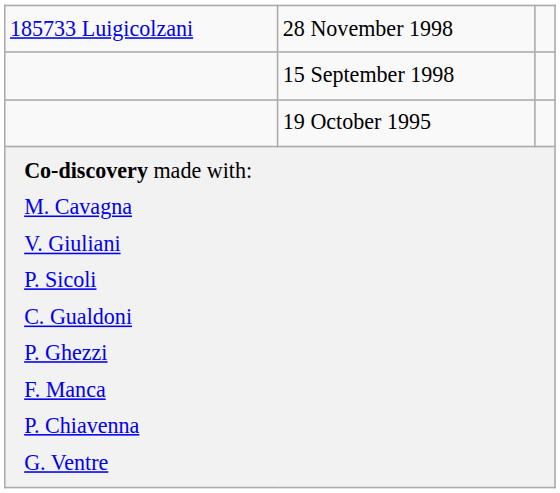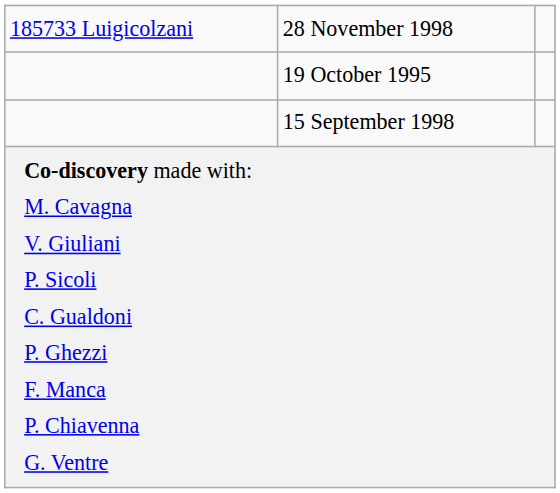 <table class="wikitable" style="font-size: 89%; float: left; width: 25em; margin-right: 1em; line-height: 1.65em !important;">
 <tr>
 <td><a href='#'>185733 Luigicolzani</a></td>
 <td>28 November 1998</td>
 <td> </td>
 </tr>
 <tr>
 <td></td>
-<td>15 September 1998</td>
+<td>19 October 1995</td>
 <td> </td>
 </tr>
 <tr>
 <td></td>
-<td>19 October 1995</td>
+<td>15 September 1998</td>
 <td> </td>
 </tr>
 <tr>
 <th colspan=3 style="font-weight: normal; text-align: left; padding: 4px 12px;"><strong>Co-discovery</strong> made with:<br> <a href='#'>M. Cavagna</a><br> <a href='#'>V. Giuliani</a><br> <a href='#'>P. Sicoli</a><br> <a href='#'>C. Gualdoni</a><br> <a href='#'>P. Ghezzi</a><br> <a href='#'>F. Manca</a><br> <a href='#'>P. Chiavenna</a><br> <a href='#'>G. Ventre</a></th>
 </tr>
 </table>
